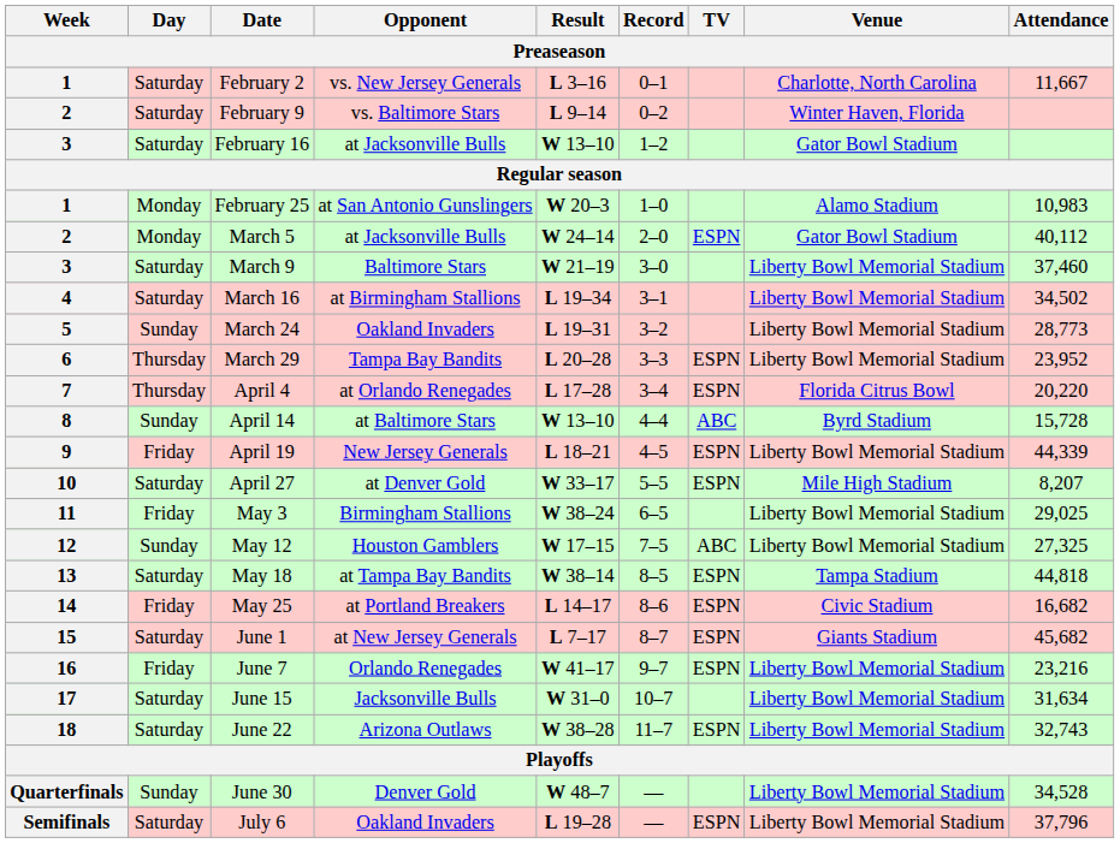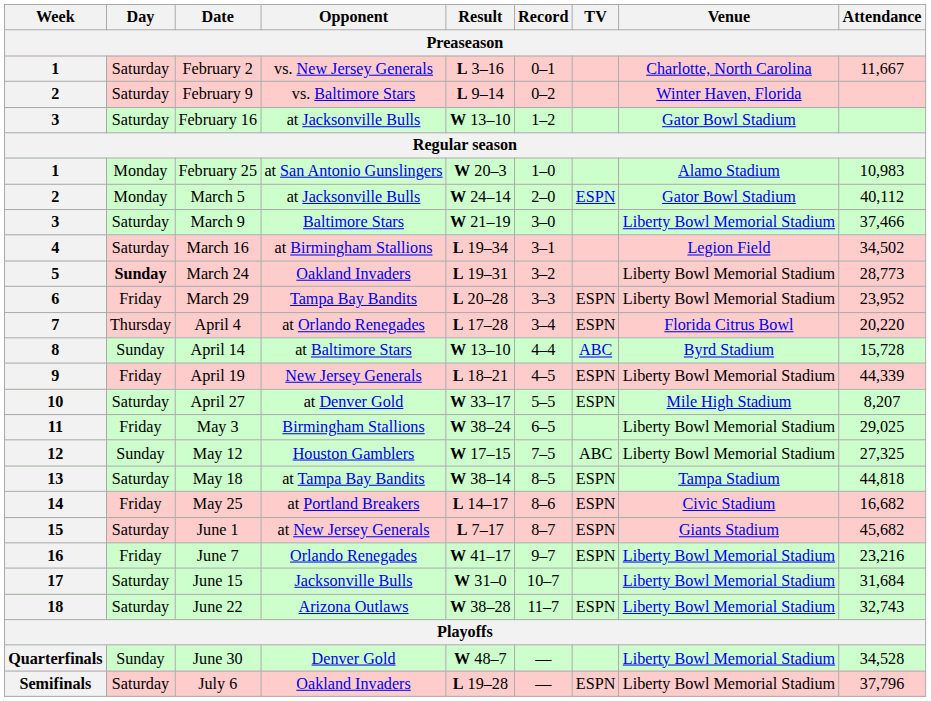 <table class="wikitable" style="text-align:center">
 <tr>
 <th>Week</th>
 <th>Day</th>
 <th>Date</th>
 <th>Opponent</th>
 <th>Result</th>
 <th>Record</th>
 <th>TV</th>
 <th>Venue</th>
 <th>Attendance</th>
 </tr>
 <tr style="text-align:center;">
 <th colspan="9">Preaseason</th>
 </tr>
 <tr style="background:#fcc">
 <th>1</th>
 <td>Saturday</td>
 <td>February 2</td>
 <td>vs. <a href='#'>New Jersey Generals</a></td>
 <td><strong>L</strong> 3–16</td>
 <td>0–1</td>
 <td></td>
 <td><a href='#'>Charlotte, North Carolina</a></td>
 <td>11,667</td>
 </tr>
 <tr style="background:#fcc">
 <th>2</th>
 <td>Saturday</td>
 <td>February 9</td>
 <td>vs. <a href='#'>Baltimore Stars</a></td>
 <td><strong>L</strong> 9–14</td>
 <td>0–2</td>
 <td></td>
 <td><a href='#'>Winter Haven, Florida</a></td>
 <td></td>
 </tr>
 <tr style="background:#cfc">
 <th>3</th>
 <td>Saturday</td>
 <td>February 16</td>
 <td>at <a href='#'>Jacksonville Bulls</a></td>
 <td><strong>W</strong> 13–10</td>
 <td>1–2</td>
 <td></td>
 <td><a href='#'>Gator Bowl Stadium</a></td>
 <td></td>
 </tr>
 <tr style="text-align:center;">
 <th colspan="9">Regular season</th>
 </tr>
 <tr style="background:#cfc">
 <th>1</th>
 <td>Monday</td>
 <td>February 25</td>
 <td>at <a href='#'>San Antonio Gunslingers</a></td>
 <td><strong>W</strong> 20–3</td>
 <td>1–0</td>
 <td></td>
 <td><a href='#'>Alamo Stadium</a></td>
 <td>10,983</td>
 </tr>
 <tr style="background:#cfc">
 <th>2</th>
 <td>Monday</td>
 <td>March 5</td>
 <td>at <a href='#'>Jacksonville Bulls</a></td>
 <td><strong>W</strong> 24–14</td>
 <td>2–0</td>
 <td><a href='#'>ESPN</a></td>
 <td><a href='#'>Gator Bowl Stadium</a></td>
 <td>40,112</td>
 </tr>
 <tr style="background:#cfc">
 <th>3</th>
 <td>Saturday</td>
 <td>March 9</td>
 <td><a href='#'>Baltimore Stars</a></td>
 <td><strong>W</strong> 21–19</td>
 <td>3–0</td>
 <td></td>
 <td><a href='#'>Liberty Bowl Memorial Stadium</a></td>
-<td>37,460</td>
+<td>37,466</td>
 </tr>
 <tr style="background:#fcc">
 <th>4</th>
 <td>Saturday</td>
 <td>March 16</td>
 <td>at <a href='#'>Birmingham Stallions</a></td>
 <td><strong>L</strong> 19–34</td>
 <td>3–1</td>
 <td></td>
-<td><a href='#'>Liberty Bowl Memorial Stadium</a></td>
+<td><a href='#'>Legion Field</a></td>
 <td>34,502</td>
 </tr>
 <tr style="background:#fcc">
 <th>5</th>
-<td>Sunday</td>
+<td><strong>Sunday</strong></td>
 <td>March 24</td>
 <td><a href='#'>Oakland Invaders</a></td>
 <td><strong>L</strong> 19–31</td>
 <td>3–2</td>
 <td></td>
 <td>Liberty Bowl Memorial Stadium</td>
 <td>28,773</td>
 </tr>
 <tr style="background:#fcc">
 <th>6</th>
-<td>Thursday</td>
+<td>Friday</td>
 <td>March 29</td>
 <td><a href='#'>Tampa Bay Bandits</a></td>
 <td><strong>L</strong> 20–28</td>
 <td>3–3</td>
 <td>ESPN</td>
 <td>Liberty Bowl Memorial Stadium</td>
 <td>23,952</td>
 </tr>
 <tr style="background:#fcc">
 <th>7</th>
 <td>Thursday</td>
 <td>April 4</td>
 <td>at <a href='#'>Orlando Renegades</a></td>
 <td><strong>L</strong> 17–28</td>
 <td>3–4</td>
 <td>ESPN</td>
 <td><a href='#'>Florida Citrus Bowl</a></td>
 <td>20,220</td>
 </tr>
 <tr style="background:#cfc">
 <th>8</th>
 <td>Sunday</td>
 <td>April 14</td>
 <td>at <a href='#'>Baltimore Stars</a></td>
 <td><strong>W</strong> 13–10</td>
 <td>4–4</td>
 <td><a href='#'>ABC</a></td>
 <td><a href='#'>Byrd Stadium</a></td>
 <td>15,728</td>
 </tr>
 <tr style="background:#fcc">
 <th>9</th>
 <td>Friday</td>
 <td>April 19</td>
 <td><a href='#'>New Jersey Generals</a></td>
 <td><strong>L</strong> 18–21</td>
 <td>4–5</td>
 <td>ESPN</td>
 <td>Liberty Bowl Memorial Stadium</td>
 <td>44,339</td>
 </tr>
 <tr style="background:#cfc">
 <th>10</th>
 <td>Saturday</td>
 <td>April 27</td>
 <td>at <a href='#'>Denver Gold</a></td>
 <td><strong>W</strong> 33–17</td>
 <td>5–5</td>
 <td>ESPN</td>
 <td><a href='#'>Mile High Stadium</a></td>
 <td>8,207</td>
 </tr>
 <tr style="background:#cfc">
 <th>11</th>
 <td>Friday</td>
 <td>May 3</td>
 <td><a href='#'>Birmingham Stallions</a></td>
 <td><strong>W</strong> 38–24</td>
 <td>6–5</td>
 <td></td>
 <td>Liberty Bowl Memorial Stadium</td>
 <td>29,025</td>
 </tr>
 <tr style="background:#cfc">
 <th>12</th>
 <td>Sunday</td>
 <td>May 12</td>
 <td><a href='#'>Houston Gamblers</a></td>
 <td><strong>W</strong> 17–15</td>
 <td>7–5</td>
 <td>ABC</td>
 <td>Liberty Bowl Memorial Stadium</td>
 <td>27,325</td>
 </tr>
 <tr style="background:#cfc">
 <th>13</th>
 <td>Saturday</td>
 <td>May 18</td>
 <td>at <a href='#'>Tampa Bay Bandits</a></td>
 <td><strong>W</strong> 38–14</td>
 <td>8–5</td>
 <td>ESPN</td>
 <td><a href='#'>Tampa Stadium</a></td>
 <td>44,818</td>
 </tr>
 <tr style="background:#fcc">
 <th>14</th>
 <td>Friday</td>
 <td>May 25</td>
 <td>at <a href='#'>Portland Breakers</a></td>
 <td><strong>L</strong> 14–17</td>
 <td>8–6</td>
 <td>ESPN</td>
 <td><a href='#'>Civic Stadium</a></td>
 <td>16,682</td>
 </tr>
 <tr style="background:#fcc">
 <th>15</th>
 <td>Saturday</td>
 <td>June 1</td>
 <td>at <a href='#'>New Jersey Generals</a></td>
 <td><strong>L</strong> 7–17</td>
 <td>8–7</td>
 <td>ESPN</td>
 <td><a href='#'>Giants Stadium</a></td>
 <td>45,682</td>
 </tr>
 <tr style="background:#cfc">
 <th>16</th>
 <td>Friday</td>
 <td>June 7</td>
 <td><a href='#'>Orlando Renegades</a></td>
 <td><strong>W</strong> 41–17</td>
 <td>9–7</td>
 <td>ESPN</td>
 <td><a href='#'>Liberty Bowl Memorial Stadium</a></td>
 <td>23,216</td>
 </tr>
 <tr style="background:#cfc">
 <th>17</th>
 <td>Saturday</td>
 <td>June 15</td>
 <td><a href='#'>Jacksonville Bulls</a></td>
 <td><strong>W</strong> 31–0</td>
 <td>10–7</td>
 <td></td>
 <td><a href='#'>Liberty Bowl Memorial Stadium</a></td>
-<td>31,634</td>
+<td>31,684</td>
 </tr>
 <tr style="background:#cfc">
 <th>18</th>
 <td>Saturday</td>
 <td>June 22</td>
 <td><a href='#'>Arizona Outlaws</a></td>
 <td><strong>W</strong> 38–28</td>
 <td>11–7</td>
 <td>ESPN</td>
 <td><a href='#'>Liberty Bowl Memorial Stadium</a></td>
 <td>32,743</td>
 </tr>
 <tr style="text-align:center;">
 <th colspan="9">Playoffs</th>
 </tr>
 <tr style="background:#cfc">
 <th>Quarterfinals</th>
 <td>Sunday</td>
 <td>June 30</td>
 <td><a href='#'>Denver Gold</a></td>
 <td><strong>W</strong> 48–7</td>
 <td>—</td>
 <td></td>
 <td><a href='#'>Liberty Bowl Memorial Stadium</a></td>
 <td>34,528</td>
 </tr>
 <tr style="background:#fcc">
 <th>Semifinals</th>
 <td>Saturday</td>
 <td>July 6</td>
 <td><a href='#'>Oakland Invaders</a></td>
 <td><strong>L</strong> 19–28</td>
 <td>—</td>
 <td>ESPN</td>
 <td>Liberty Bowl Memorial Stadium</td>
 <td>37,796</td>
 </tr>
 </table>
